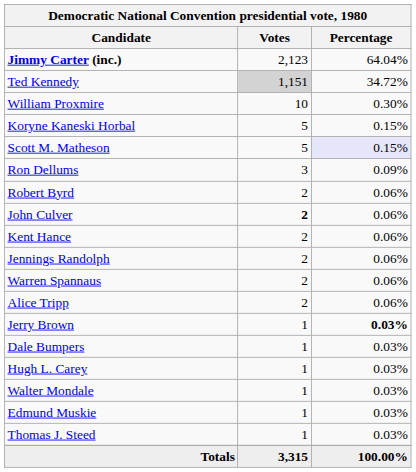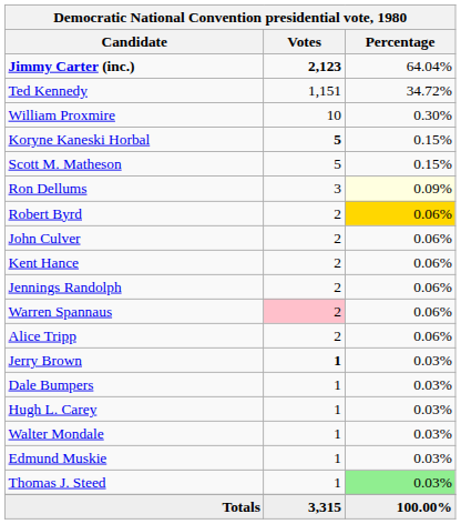 <table class="wikitable" style="font-size:95%;">
 <tr>
 <th colspan="3">Democratic National Convention presidential vote, 1980</th>
 </tr>
 <tr>
 <th style="width: 17em">Candidate</th>
 <th style="width: 5em">Votes</th>
 <th style="width: 7em">Percentage</th>
 </tr>
 <tr>
 <td><strong><a href='#'>Jimmy Carter</a></strong> <strong>(inc.)</strong></td>
-<td align="right">2,123</td>
+<td align="right"><strong>2,123</strong></td>
 <td align="right">64.04%</td>
 </tr>
 <tr>
 <td><a href='#'>Ted Kennedy</a></td>
-<td align="right" style="background: lightgrey;">1,151</td>
+<td align="right">1,151</td>
 <td align="right">34.72%</td>
 </tr>
 <tr>
 <td><a href='#'>William Proxmire</a></td>
 <td align="right">10</td>
 <td align="right">0.30%</td>
 </tr>
 <tr>
 <td><a href='#'>Koryne Kaneski Horbal</a></td>
-<td align="right">5</td>
+<td align="right"><strong>5</strong></td>
 <td align="right">0.15%</td>
 </tr>
 <tr>
 <td><a href='#'>Scott M. Matheson</a></td>
 <td align="right">5</td>
-<td align="right" style="background: lavender;">0.15%</td>
+<td align="right">0.15%</td>
 </tr>
 <tr>
 <td><a href='#'>Ron Dellums</a></td>
 <td align="right">3</td>
-<td align="right">0.09%</td>
+<td align="right" style="background: lightyellow;">0.09%</td>
 </tr>
 <tr>
 <td><a href='#'>Robert Byrd</a></td>
 <td align="right">2</td>
-<td align="right">0.06%</td>
+<td align="right" style="background: gold;">0.06%</td>
 </tr>
 <tr>
 <td><a href='#'>John Culver</a></td>
-<td align="right"><strong>2</strong></td>
+<td align="right">2</td>
 <td align="right">0.06%</td>
 </tr>
 <tr>
 <td><a href='#'>Kent Hance</a></td>
 <td align="right">2</td>
 <td align="right">0.06%</td>
 </tr>
 <tr>
 <td><a href='#'>Jennings Randolph</a></td>
 <td align="right">2</td>
 <td align="right">0.06%</td>
 </tr>
 <tr>
 <td><a href='#'>Warren Spannaus</a></td>
-<td align="right">2</td>
+<td align="right" style="background: pink;">2</td>
 <td align="right">0.06%</td>
 </tr>
 <tr>
 <td><a href='#'>Alice Tripp</a></td>
 <td align="right">2</td>
 <td align="right">0.06%</td>
 </tr>
 <tr>
 <td><a href='#'>Jerry Brown</a></td>
-<td align="right">1</td>
-<td align="right"><strong>0.03%</strong></td>
+<td align="right"><strong>1</strong></td>
+<td align="right">0.03%</td>
 </tr>
 <tr>
 <td><a href='#'>Dale Bumpers</a></td>
 <td align="right">1</td>
 <td align="right">0.03%</td>
 </tr>
 <tr>
 <td><a href='#'>Hugh L. Carey</a></td>
 <td align="right">1</td>
 <td align="right">0.03%</td>
 </tr>
 <tr>
 <td><a href='#'>Walter Mondale</a></td>
 <td align="right">1</td>
 <td align="right">0.03%</td>
 </tr>
 <tr>
 <td><a href='#'>Edmund Muskie</a></td>
 <td align="right">1</td>
 <td align="right">0.03%</td>
 </tr>
 <tr>
 <td><a href='#'>Thomas J. Steed</a></td>
 <td align="right">1</td>
-<td align="right">0.03%</td>
+<td align="right" style="background: lightgreen;">0.03%</td>
 </tr>
 <tr>
 </tr>
 <tr bgcolor="#EEEEEE">
 <td align="right"><strong>Totals</strong></td>
 <td align="right"><strong>3,315</strong></td>
 <td align="right"><strong>100.00%</strong></td>
 </tr>
 </table>
